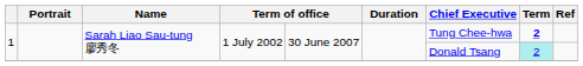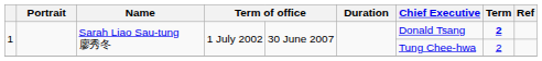 <table class="wikitable"  style="text-align:left">
 <tr>
 <th width=10px></th>
 <th width=80px>Portrait</th>
 <th width=180px>Name</th>
 <th width=180px colspan=2>Term of office</th>
 <th width=80px>Duration</th>
 <th width=120px><a href='#'>Chief Executive</a></th>
 <th>Term</th>
 <th>Ref</th>
 </tr>
 <tr>
 <td rowspan=2 bgcolor=>1</td>
 <td rowspan=2></td>
 <td rowspan=2><a href='#'>Sarah Liao Sau-tung</a><br>廖秀冬</td>
 <td rowspan=2>1 July 2002</td>
 <td rowspan=2>30 June 2007</td>
 <td rowspan=2></td>
-<td><a href='#'>Tung Chee-hwa</a><br></td>
+<td><a href='#'>Donald Tsang</a><br></td>
 <td align=center><strong><a href='#'>2</a></strong></td>
 <td></td>
 </tr>
 <tr>
-<td><a href='#'>Donald Tsang</a><br></td>
-<td align=center style="background: paleturquoise;"><a href='#'>2</a></td>
+<td><a href='#'>Tung Chee-hwa</a><br></td>
+<td align=center><a href='#'>2</a></td>
 <td></td>
 </tr>
 <tr>
 </tr>
 </table>
